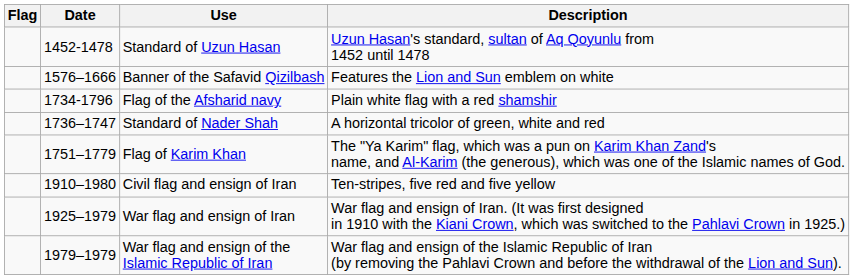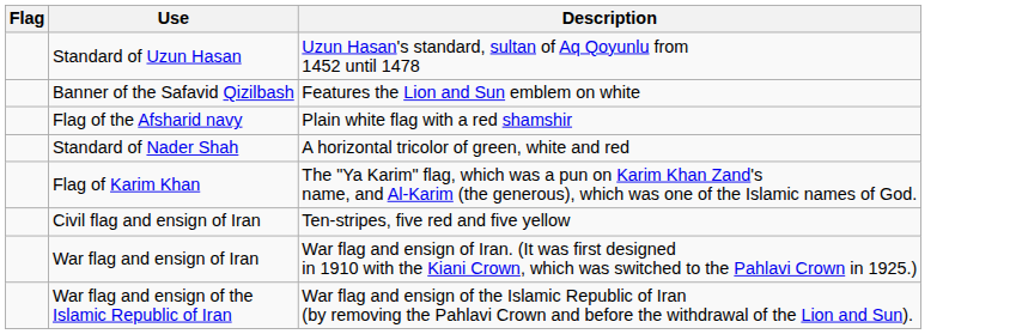 <table class="wikitable">
 <tr>
 <th>Flag</th>
-<th>Date</th>
 <th>Use</th>
 <th>Description</th>
 </tr>
 <tr>
 <td></td>
-<td>1452-1478</td>
 <td>Standard of <a href='#'>Uzun Hasan</a></td>
 <td><a href='#'>Uzun Hasan</a>'s standard, <a href='#'>sultan</a> of <a href='#'>Aq Qoyunlu</a> from<br>1452 until 1478</td>
 </tr>
 <tr>
 <td></td>
-<td>1576–1666</td>
 <td>Banner of the Safavid <a href='#'>Qizilbash</a></td>
 <td>Features the <a href='#'>Lion and Sun</a> emblem on white</td>
 </tr>
 <tr>
 <td></td>
-<td>1734-1796</td>
 <td>Flag of the <a href='#'>Afsharid navy</a></td>
 <td>Plain white flag with a red <a href='#'>shamshir</a></td>
 </tr>
 <tr>
 <td></td>
-<td>1736–1747</td>
 <td>Standard of <a href='#'>Nader Shah</a></td>
 <td>A horizontal tricolor of green, white and red</td>
 </tr>
 <tr>
 <td></td>
-<td>1751–1779</td>
 <td>Flag of <a href='#'>Karim Khan</a></td>
 <td>The "Ya Karim" flag, which was a pun on <a href='#'>Karim Khan Zand</a>'s<br>name, and <a href='#'>Al-Karim</a> (the generous), which was one of the Islamic names of God.</td>
 </tr>
 <tr>
 <td></td>
-<td>1910–1980</td>
 <td>Civil flag and ensign of Iran</td>
 <td>Ten-stripes, five red and five yellow</td>
 </tr>
 <tr>
 <td></td>
-<td>1925–1979</td>
 <td>War flag and ensign of Iran</td>
 <td>War flag and ensign of Iran. (It was first designed<br>in 1910 with the <a href='#'>Kiani Crown</a>, which was switched to the <a href='#'>Pahlavi Crown</a> in 1925.)</td>
 </tr>
 <tr>
 <td></td>
-<td>1979–1979</td>
 <td>War flag and ensign of the<br><a href='#'>Islamic Republic of Iran</a></td>
 <td>War flag and ensign of the Islamic Republic of Iran<br>(by removing the Pahlavi Crown and before the withdrawal of the <a href='#'>Lion and Sun</a>).</td>
 </tr>
 </table>
